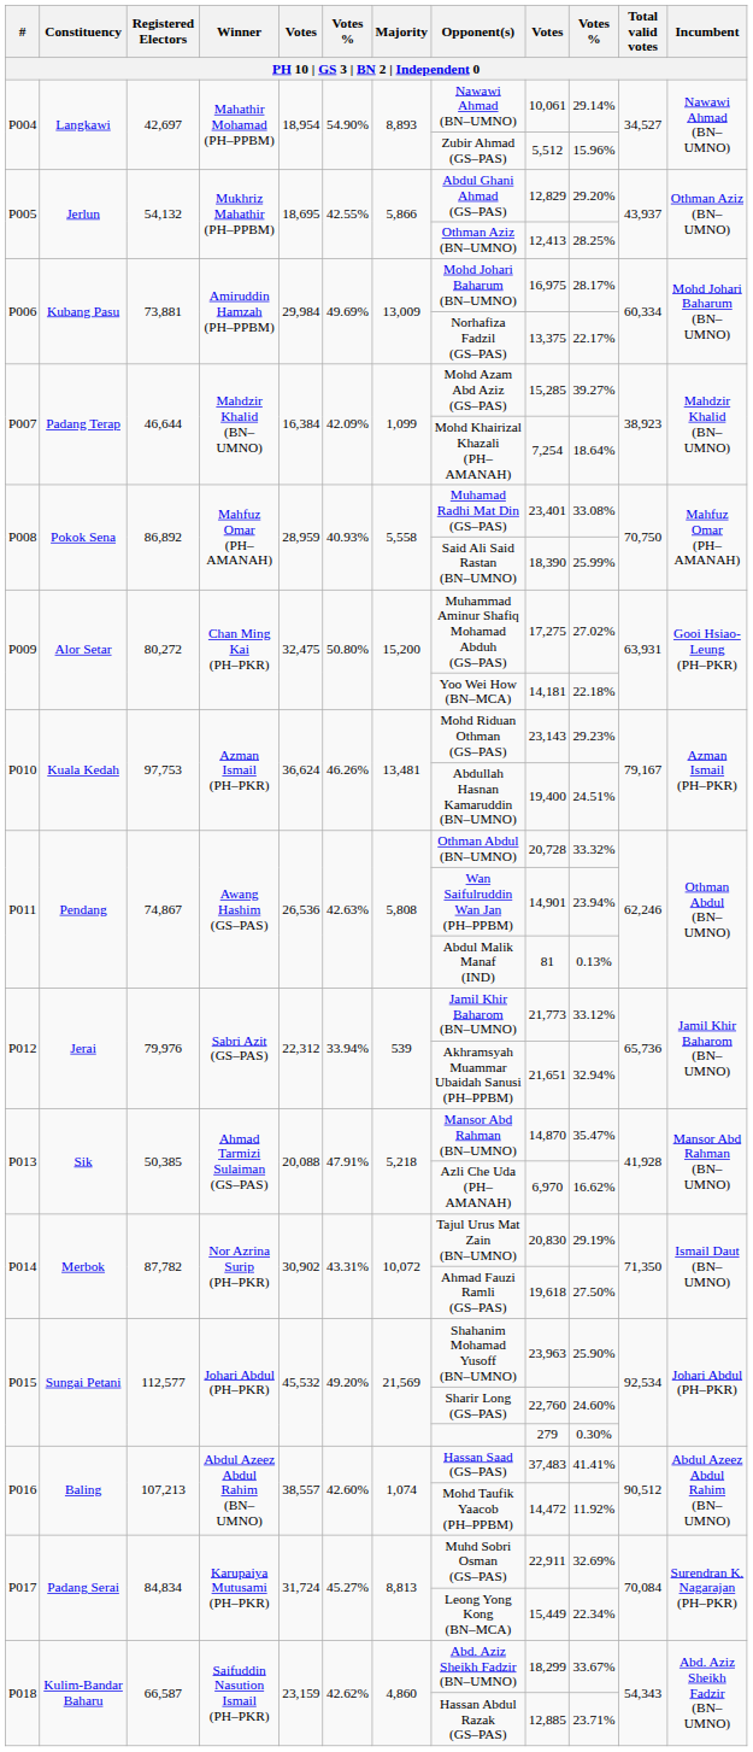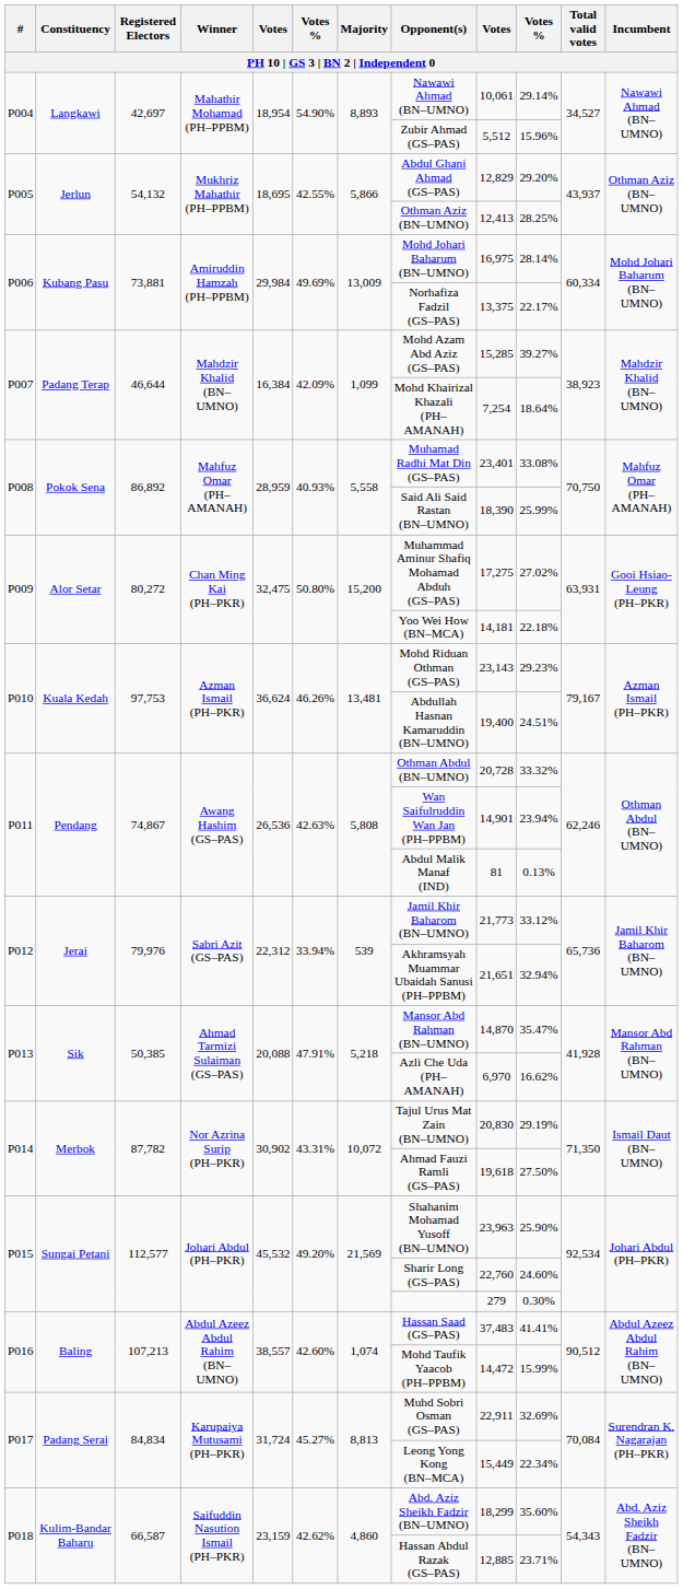 <table class="wikitable sortable" style">
 <tr>
 <th>#</th>
 <th>Constituency</th>
 <th>Registered Electors</th>
 <th>Winner</th>
 <th>Votes</th>
 <th>Votes %</th>
 <th>Majority</th>
 <th>Opponent(s)</th>
 <th>Votes</th>
 <th>Votes %</th>
 <th>Total valid votes</th>
 <th>Incumbent</th>
 </tr>
 <tr>
 <th colspan="13"><a href='#'>PH</a> <strong>10</strong> | <a href='#'>GS</a> <strong>3</strong> | <a href='#'>BN</a> <strong>2</strong> | <a href='#'>Independent</a> <strong>0</strong></th>
 </tr>
 <tr align="center">
 <td rowspan=2>P004</td>
 <td rowspan=2><a href='#'>Langkawi</a></td>
 <td rowspan=2>42,697</td>
 <td rowspan=2><a href='#'>Mahathir Mohamad</a><br>(PH–PPBM)</td>
 <td rowspan=2>18,954</td>
 <td rowspan=2>54.90%</td>
 <td rowspan=2>8,893</td>
 <td><a href='#'>Nawawi Ahmad</a><br>(BN–UMNO)</td>
 <td>10,061</td>
 <td>29.14%</td>
 <td rowspan=2>34,527</td>
 <td rowspan=2><a href='#'>Nawawi Ahmad</a><br>(BN–UMNO)</td>
 </tr>
 <tr align="center">
 <td>Zubir Ahmad<br>(GS–PAS)</td>
 <td>5,512</td>
 <td>15.96%</td>
 </tr>
 <tr align="center">
 <td rowspan=2>P005</td>
 <td rowspan=2><a href='#'>Jerlun</a></td>
 <td rowspan=2>54,132</td>
 <td rowspan=2><a href='#'>Mukhriz Mahathir</a><br>(PH–PPBM)</td>
 <td rowspan=2>18,695</td>
 <td rowspan=2>42.55%</td>
 <td rowspan=2>5,866</td>
 <td><a href='#'>Abdul Ghani Ahmad</a><br>(GS–PAS)</td>
 <td>12,829</td>
 <td>29.20%</td>
 <td rowspan=2>43,937</td>
 <td rowspan=2><a href='#'>Othman Aziz</a><br>(BN–UMNO)</td>
 </tr>
 <tr align="center">
 <td><a href='#'>Othman Aziz</a><br>(BN–UMNO)</td>
 <td>12,413</td>
 <td>28.25%</td>
 </tr>
 <tr align="center">
 <td rowspan=2>P006</td>
 <td rowspan=2><a href='#'>Kubang Pasu</a></td>
 <td rowspan=2>73,881</td>
 <td rowspan=2><a href='#'>Amiruddin Hamzah</a><br>(PH–PPBM)</td>
 <td rowspan=2>29,984</td>
 <td rowspan=2>49.69%</td>
 <td rowspan=2>13,009</td>
 <td><a href='#'>Mohd Johari Baharum</a><br>(BN–UMNO)</td>
 <td>16,975</td>
-<td>28.17%</td>
+<td>28.14%</td>
 <td rowspan=2>60,334</td>
 <td rowspan=2><a href='#'>Mohd Johari Baharum</a><br>(BN–UMNO)</td>
 </tr>
 <tr align="center">
 <td>Norhafiza Fadzil<br>(GS–PAS)</td>
 <td>13,375</td>
 <td>22.17%</td>
 </tr>
 <tr align="center">
 <td rowspan=2>P007</td>
 <td rowspan=2><a href='#'>Padang Terap</a></td>
 <td rowspan=2>46,644</td>
 <td rowspan=2><a href='#'>Mahdzir Khalid</a><br>(BN–UMNO)</td>
 <td rowspan=2>16,384</td>
 <td rowspan=2>42.09%</td>
 <td rowspan=2>1,099</td>
 <td>Mohd Azam Abd Aziz<br>(GS–PAS)</td>
 <td>15,285</td>
 <td>39.27%</td>
 <td rowspan=2>38,923</td>
 <td rowspan=2><a href='#'>Mahdzir Khalid</a><br>(BN–UMNO)</td>
 </tr>
 <tr align="center">
 <td>Mohd Khairizal Khazali<br>(PH–AMANAH)</td>
 <td>7,254</td>
 <td>18.64%</td>
 </tr>
 <tr align="center">
 <td rowspan=2>P008</td>
 <td rowspan=2><a href='#'>Pokok Sena</a></td>
 <td rowspan=2>86,892</td>
 <td rowspan=2><a href='#'>Mahfuz Omar</a><br>(PH–AMANAH)</td>
 <td rowspan=2>28,959</td>
 <td rowspan=2>40.93%</td>
 <td rowspan=2>5,558</td>
 <td><a href='#'>Muhamad Radhi Mat Din</a><br>(GS–PAS)</td>
 <td>23,401</td>
 <td>33.08%</td>
 <td rowspan=2>70,750</td>
 <td rowspan=2><a href='#'>Mahfuz Omar</a><br>(PH–AMANAH)</td>
 </tr>
 <tr align="center">
 <td>Said Ali Said Rastan<br>(BN–UMNO)</td>
 <td>18,390</td>
 <td>25.99%</td>
 </tr>
 <tr align="center">
 <td rowspan=2>P009</td>
 <td rowspan=2><a href='#'>Alor Setar</a></td>
 <td rowspan=2>80,272</td>
 <td rowspan=2><a href='#'>Chan Ming Kai</a><br>(PH–PKR)</td>
 <td rowspan=2>32,475</td>
 <td rowspan=2>50.80%</td>
 <td rowspan=2>15,200</td>
 <td>Muhammad Aminur Shafiq Mohamad Abduh<br>(GS–PAS)</td>
 <td>17,275</td>
 <td>27.02%</td>
 <td rowspan=2>63,931</td>
 <td rowspan=2><a href='#'>Gooi Hsiao-Leung</a><br>(PH–PKR)</td>
 </tr>
 <tr align="center">
 <td>Yoo Wei How<br>(BN–MCA)</td>
 <td>14,181</td>
 <td>22.18%</td>
 </tr>
 <tr align="center">
 <td rowspan=2>P010</td>
 <td rowspan=2><a href='#'>Kuala Kedah</a></td>
 <td rowspan=2>97,753</td>
 <td rowspan=2><a href='#'>Azman Ismail</a><br>(PH–PKR)</td>
 <td rowspan=2>36,624</td>
 <td rowspan=2>46.26%</td>
 <td rowspan=2>13,481</td>
 <td>Mohd Riduan Othman<br>(GS–PAS)</td>
 <td>23,143</td>
 <td>29.23%</td>
 <td rowspan=2>79,167</td>
 <td rowspan=2><a href='#'>Azman Ismail</a><br>(PH–PKR)</td>
 </tr>
 <tr align="center">
 <td>Abdullah Hasnan Kamaruddin<br>(BN–UMNO)</td>
 <td>19,400</td>
 <td>24.51%</td>
 </tr>
 <tr align="center">
 <td rowspan=3>P011</td>
 <td rowspan=3><a href='#'>Pendang</a></td>
 <td rowspan=3>74,867</td>
 <td rowspan=3><a href='#'>Awang Hashim</a><br>(GS–PAS)</td>
 <td rowspan=3>26,536</td>
 <td rowspan=3>42.63%</td>
 <td rowspan=3>5,808</td>
 <td><a href='#'>Othman Abdul</a><br>(BN–UMNO)</td>
 <td>20,728</td>
 <td>33.32%</td>
 <td rowspan=3>62,246</td>
 <td rowspan=3><a href='#'>Othman Abdul</a><br>(BN–UMNO)</td>
 </tr>
 <tr align="center">
 <td><a href='#'>Wan Saifulruddin Wan Jan</a><br>(PH–PPBM)</td>
 <td>14,901</td>
 <td>23.94%</td>
 </tr>
 <tr align="center">
 <td>Abdul Malik Manaf<br>(IND)</td>
 <td>81</td>
 <td>0.13%</td>
 </tr>
 <tr align="center">
 <td rowspan=2>P012</td>
 <td rowspan=2><a href='#'>Jerai</a></td>
 <td rowspan=2>79,976</td>
 <td rowspan=2><a href='#'>Sabri Azit</a><br>(GS–PAS)</td>
 <td rowspan=2>22,312</td>
 <td rowspan=2>33.94%</td>
 <td rowspan=2>539</td>
 <td><a href='#'>Jamil Khir Baharom</a><br>(BN–UMNO)</td>
 <td>21,773</td>
 <td>33.12%</td>
 <td rowspan=2>65,736</td>
 <td rowspan=2><a href='#'>Jamil Khir Baharom</a><br>(BN–UMNO)</td>
 </tr>
 <tr align="center">
 <td>Akhramsyah Muammar Ubaidah Sanusi<br>(PH–PPBM)</td>
 <td>21,651</td>
 <td>32.94%</td>
 </tr>
 <tr align="center">
 <td rowspan=2>P013</td>
 <td rowspan=2><a href='#'>Sik</a></td>
 <td rowspan=2>50,385</td>
 <td rowspan=2><a href='#'>Ahmad Tarmizi Sulaiman</a><br>(GS–PAS)</td>
 <td rowspan=2>20,088</td>
 <td rowspan=2>47.91%</td>
 <td rowspan=2>5,218</td>
 <td><a href='#'>Mansor Abd Rahman</a><br>(BN–UMNO)</td>
 <td>14,870</td>
 <td>35.47%</td>
 <td rowspan=2>41,928</td>
 <td rowspan=2><a href='#'>Mansor Abd Rahman</a><br>(BN–UMNO)</td>
 </tr>
 <tr align="center">
 <td>Azli Che Uda<br>(PH–AMANAH)</td>
 <td>6,970</td>
 <td>16.62%</td>
 </tr>
 <tr align="center">
 <td rowspan=2>P014</td>
 <td rowspan=2><a href='#'>Merbok</a></td>
 <td rowspan=2>87,782</td>
 <td rowspan=2><a href='#'>Nor Azrina Surip</a><br>(PH–PKR)</td>
 <td rowspan=2>30,902</td>
 <td rowspan=2>43.31%</td>
 <td rowspan=2>10,072</td>
 <td>Tajul Urus Mat Zain<br>(BN–UMNO)</td>
 <td>20,830</td>
 <td>29.19%</td>
 <td rowspan=2>71,350</td>
 <td rowspan=2><a href='#'>Ismail Daut</a><br>(BN–UMNO)</td>
 </tr>
 <tr align="center">
 <td>Ahmad Fauzi Ramli<br>(GS–PAS)</td>
 <td>19,618</td>
 <td>27.50%</td>
 </tr>
 <tr align="center">
 <td rowspan=3>P015</td>
 <td rowspan=3><a href='#'>Sungai Petani</a></td>
 <td rowspan=3>112,577</td>
 <td rowspan=3><a href='#'>Johari Abdul</a><br>(PH–PKR)</td>
 <td rowspan=3>45,532</td>
 <td rowspan=3>49.20%</td>
 <td rowspan=3>21,569</td>
 <td>Shahanim Mohamad Yusoff<br>(BN–UMNO)</td>
 <td>23,963</td>
 <td>25.90%</td>
 <td rowspan=3>92,534</td>
 <td rowspan=3><a href='#'>Johari Abdul</a><br>(PH–PKR)</td>
 </tr>
 <tr align="center">
 <td>Sharir Long<br>(GS–PAS)</td>
 <td>22,760</td>
 <td>24.60%</td>
 </tr>
 <tr align="center">
 <td></td>
 <td>279</td>
 <td>0.30%</td>
 </tr>
 <tr align="center">
 <td rowspan=2>P016</td>
 <td rowspan=2><a href='#'>Baling</a></td>
 <td rowspan=2>107,213</td>
 <td rowspan=2><a href='#'>Abdul Azeez Abdul Rahim</a><br>(BN–UMNO)</td>
 <td rowspan=2>38,557</td>
 <td rowspan=2>42.60%</td>
 <td rowspan=2>1,074</td>
 <td><a href='#'>Hassan Saad</a><br>(GS–PAS)</td>
 <td>37,483</td>
 <td>41.41%</td>
 <td rowspan=2>90,512</td>
 <td rowspan=2><a href='#'>Abdul Azeez Abdul Rahim</a><br>(BN–UMNO)</td>
 </tr>
 <tr align="center">
 <td>Mohd Taufik Yaacob<br>(PH–PPBM)</td>
 <td>14,472</td>
-<td>11.92%</td>
+<td>15.99%</td>
 </tr>
 <tr align="center">
 <td rowspan=2>P017</td>
 <td rowspan=2><a href='#'>Padang Serai</a></td>
 <td rowspan=2>84,834</td>
 <td rowspan=2><a href='#'>Karupaiya Mutusami</a><br>(PH–PKR)</td>
 <td rowspan=2>31,724</td>
 <td rowspan=2>45.27%</td>
 <td rowspan=2>8,813</td>
 <td>Muhd Sobri Osman<br>(GS–PAS)</td>
 <td>22,911</td>
 <td>32.69%</td>
 <td rowspan=2>70,084</td>
 <td rowspan=2><a href='#'>Surendran K. Nagarajan</a><br>(PH–PKR)</td>
 </tr>
 <tr align="center">
 <td>Leong Yong Kong<br>(BN–MCA)</td>
 <td>15,449</td>
 <td>22.34%</td>
 </tr>
 <tr align="center">
 <td rowspan=2>P018</td>
 <td rowspan=2><a href='#'>Kulim-Bandar Baharu</a></td>
 <td rowspan=2>66,587</td>
 <td rowspan=2><a href='#'>Saifuddin Nasution Ismail</a><br>(PH–PKR)</td>
 <td rowspan=2>23,159</td>
 <td rowspan=2>42.62%</td>
 <td rowspan=2>4,860</td>
 <td><a href='#'>Abd. Aziz Sheikh Fadzir</a><br>(BN–UMNO)</td>
 <td>18,299</td>
-<td>33.67%</td>
+<td>35.60%</td>
 <td rowspan=2>54,343</td>
 <td rowspan=2><a href='#'>Abd. Aziz Sheikh Fadzir</a><br>(BN–UMNO)</td>
 </tr>
 <tr align="center">
 <td>Hassan Abdul Razak<br>(GS–PAS)</td>
 <td>12,885</td>
 <td>23.71%</td>
 </tr>
 </table>
